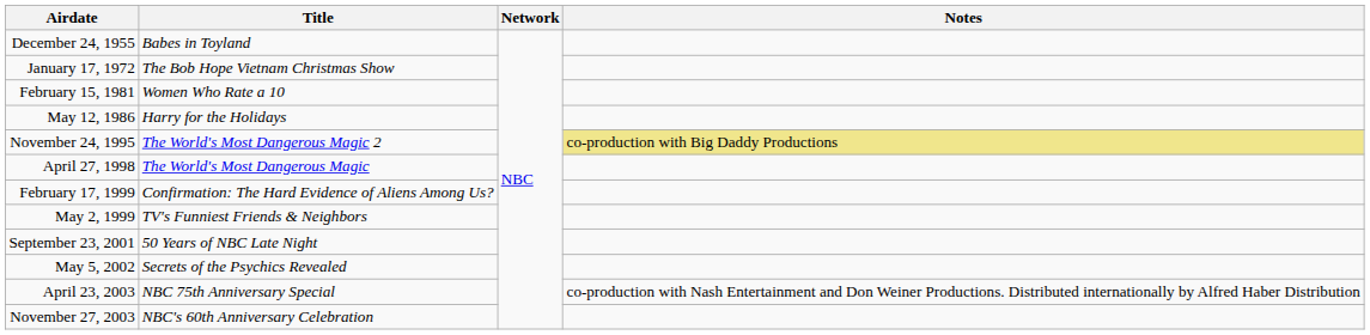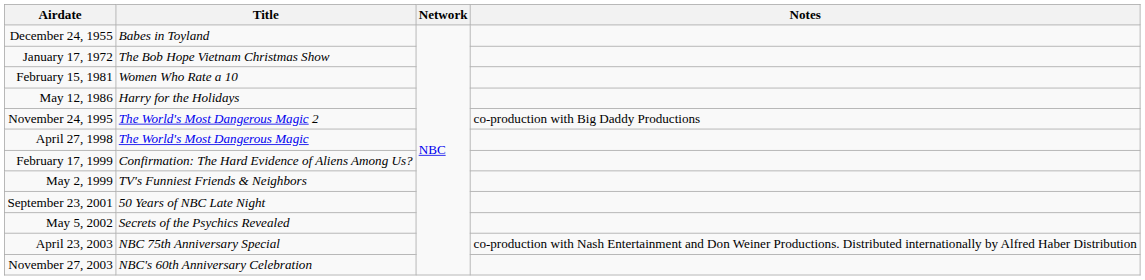 <table class="wikitable sortable">
 <tr>
 <th>Airdate</th>
 <th>Title</th>
 <th>Network</th>
 <th>Notes</th>
 </tr>
 <tr>
 <td style="text-align:right;">December 24, 1955</td>
 <td><em>Babes in Toyland</em></td>
 <td rowspan="12"><a href='#'>NBC</a></td>
 <td></td>
 </tr>
 <tr>
 <td style="text-align:right;">January 17, 1972</td>
 <td><em>The Bob Hope Vietnam Christmas Show</em></td>
 <td></td>
 </tr>
 <tr>
 <td style="text-align:right;">February 15, 1981</td>
 <td><em>Women Who Rate a 10</em></td>
 <td></td>
 </tr>
 <tr>
 <td style="text-align:right;">May 12, 1986</td>
 <td><em>Harry for the Holidays</em></td>
 <td></td>
 </tr>
 <tr>
 <td style="text-align:right;">November 24, 1995</td>
 <td><em><a href='#'>The World's Most Dangerous Magic</a> 2</em></td>
-<td style="background: khaki;">co-production with Big Daddy Productions</td>
+<td>co-production with Big Daddy Productions</td>
 </tr>
 <tr>
 <td style="text-align:right;">April 27, 1998</td>
 <td><em><a href='#'>The World's Most Dangerous Magic</a></em></td>
 <td></td>
 </tr>
 <tr>
 <td style="text-align:right;">February 17, 1999</td>
 <td><em>Confirmation: The Hard Evidence of Aliens Among Us?</em></td>
 <td></td>
 </tr>
 <tr>
 <td style="text-align:right;">May 2, 1999</td>
 <td><em>TV's Funniest Friends & Neighbors</em></td>
 <td></td>
 </tr>
 <tr>
 <td style="text-align:right;">September 23, 2001</td>
 <td><em>50 Years of NBC Late Night</em></td>
 <td></td>
 </tr>
 <tr>
 <td style="text-align:right;">May 5, 2002</td>
 <td><em>Secrets of the Psychics Revealed</em></td>
 <td></td>
 </tr>
 <tr>
 <td style="text-align:right;">April 23, 2003</td>
 <td><em>NBC 75th Anniversary Special</em></td>
 <td>co-production with Nash Entertainment and Don Weiner Productions. Distributed internationally by Alfred Haber Distribution</td>
 </tr>
 <tr>
 <td style="text-align:right;">November 27, 2003</td>
 <td><em>NBC's 60th Anniversary Celebration</em></td>
 <td></td>
 </tr>
 </table>
